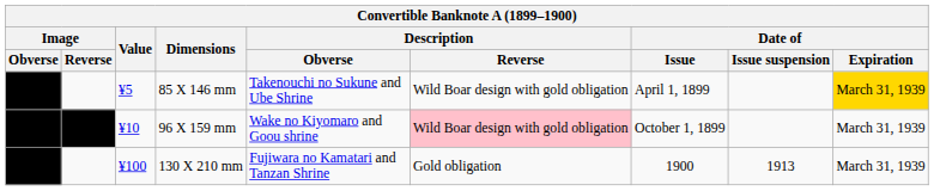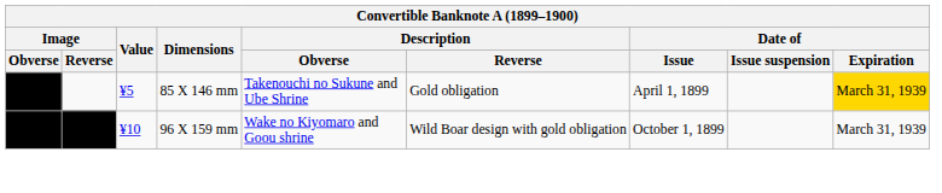 <table class="wikitable">
 <tr>
 <th colspan="9">Convertible Banknote A (1899–1900)</th>
 </tr>
 <tr>
 <th colspan="2">Image</th>
 <th rowspan="2">Value</th>
 <th rowspan="2">Dimensions</th>
 <th colspan="2">Description</th>
 <th colspan="3">Date of</th>
 </tr>
 <tr>
 <th>Obverse</th>
 <th>Reverse</th>
 <th width=180>Obverse</th>
 <th>Reverse</th>
 <th>Issue</th>
 <th>Issue suspension</th>
 <th>Expiration</th>
 </tr>
 <tr>
 <td style="text-align:center; background:#000;"></td>
 <td></td>
 <td><a href='#'>¥5</a></td>
 <td>85 X 146 mm</td>
 <td><a href='#'>Takenouchi no Sukune</a> and <a href='#'>Ube Shrine</a></td>
-<td>Wild Boar design with gold obligation</td>
+<td>Gold obligation</td>
 <td>April 1, 1899</td>
 <td></td>
 <td style="background: gold;">March 31, 1939</td>
 </tr>
 <tr>
 <td style="text-align:center; background:#000;"></td>
 <td style="text-align:center; background:#000;"></td>
 <td><a href='#'>¥10</a></td>
 <td>96 X 159 mm</td>
 <td><a href='#'>Wake no Kiyomaro</a> and <a href='#'>Goou shrine</a></td>
-<td style="background: pink;">Wild Boar design with gold obligation</td>
+<td>Wild Boar design with gold obligation</td>
 <td>October 1, 1899</td>
 <td></td>
 <td>March 31, 1939</td>
 </tr>
-<tr>
-<td style="text-align:center; background:#000;"></td>
-<td></td>
-<td><a href='#'>¥100</a></td>
-<td>130 X 210 mm</td>
-<td><a href='#'>Fujiwara no Kamatari</a> and <a href='#'>Tanzan Shrine</a></td>
-<td>Gold obligation</td>
-<td align="center">1900</td>
-<td align="center">1913</td>
-<td>March 31, 1939</td>
-</tr>
 </table>
